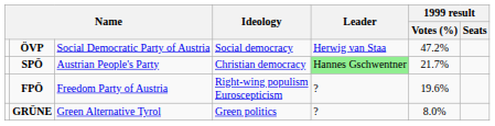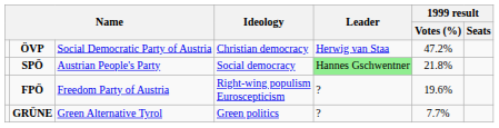 <table class="wikitable">
 <tr>
 <th rowspan="2" colspan="3">Name</th>
 <th rowspan="2">Ideology</th>
 <th rowspan="2">Leader</th>
 <th colspan="2">1999 result</th>
 </tr>
 <tr>
 <th>Votes (%)</th>
 <th>Seats</th>
 </tr>
 <tr>
 <td style="background:"></td>
 <td style="text-align:center;"><strong>ÖVP</strong></td>
 <td><a href='#'>Social Democratic Party of Austria</a><br></td>
-<td><a href='#'>Social democracy</a></td>
+<td><a href='#'>Christian democracy</a></td>
 <td><a href='#'>Herwig van Staa</a></td>
 <td style="text-align:center;">47.2%</td>
 <td></td>
 </tr>
 <tr>
 <td style="background:"></td>
 <td style="text-align:center;"><strong>SPÖ</strong></td>
 <td><a href='#'>Austrian People's Party</a><br></td>
-<td><a href='#'>Christian democracy</a></td>
+<td><a href='#'>Social democracy</a></td>
 <td style="background: lightgreen;">Hannes Gschwentner</td>
-<td style="text-align:center;">21.7%</td>
+<td style="text-align:center;">21.8%</td>
 <td></td>
 </tr>
 <tr>
 <td style="background:"></td>
 <td style="text-align:center;"><strong>FPÖ</strong></td>
 <td><a href='#'>Freedom Party of Austria</a><br></td>
 <td><a href='#'>Right-wing populism</a><br><a href='#'>Euroscepticism</a></td>
 <td>?</td>
 <td style="text-align:center;">19.6%</td>
 <td></td>
 </tr>
 <tr>
 <td style="background:"></td>
 <td style="text-align:center;"><strong>GRÜNE</strong></td>
 <td><a href='#'>Green Alternative Tyrol</a><br></td>
 <td><a href='#'>Green politics</a></td>
 <td>?</td>
-<td style="text-align:center;">8.0%</td>
+<td style="text-align:center;">7.7%</td>
 <td></td>
 </tr>
 </table>
